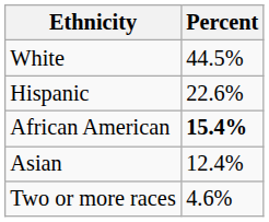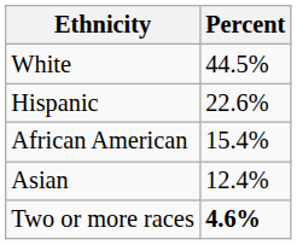 <table class="wikitable">
 <tr>
 <th>Ethnicity</th>
 <th>Percent</th>
 </tr>
 <tr>
 <td>White</td>
 <td>44.5%</td>
 </tr>
 <tr>
 <td>Hispanic</td>
 <td>22.6%</td>
 </tr>
 <tr>
 <td>African American</td>
-<td><strong>15.4%</strong></td>
+<td>15.4%</td>
 </tr>
 <tr>
 <td>Asian</td>
 <td>12.4%</td>
 </tr>
 <tr>
 <td>Two or more races</td>
-<td>4.6%</td>
+<td><strong>4.6%</strong></td>
 </tr>
 </table>
